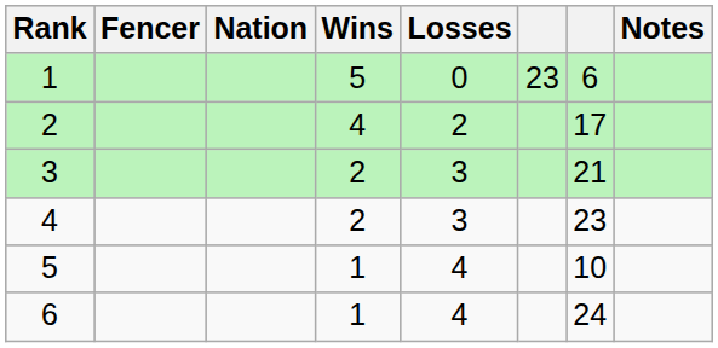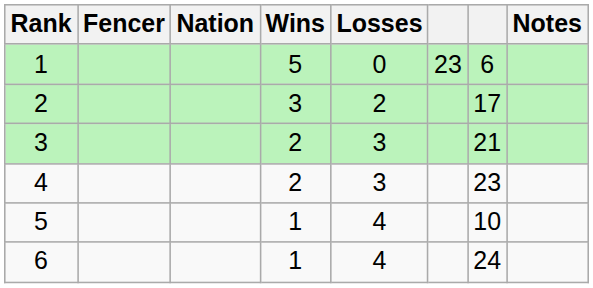 <table class="wikitable sortable" style="text-align: center;">
 <tr>
 <th>Rank</th>
 <th>Fencer</th>
 <th>Nation</th>
 <th>Wins</th>
 <th>Losses</th>
 <th></th>
 <th></th>
 <th>Notes</th>
 </tr>
 <tr style="background:#bbf3bb;">
 <td>1</td>
 <td align=left></td>
 <td align=left></td>
 <td>5</td>
 <td>0</td>
 <td>23</td>
 <td>6</td>
 <td></td>
 </tr>
 <tr style="background:#bbf3bb;">
 <td>2</td>
 <td align=left></td>
 <td align=left></td>
-<td>4</td>
+<td>3</td>
 <td>2</td>
 <td></td>
 <td>17</td>
 <td></td>
 </tr>
 <tr style="background:#bbf3bb;">
 <td>3</td>
 <td align=left></td>
 <td align=left></td>
 <td>2</td>
 <td>3</td>
 <td></td>
 <td>21</td>
 <td></td>
 </tr>
 <tr>
 <td>4</td>
 <td align=left></td>
 <td align=left></td>
 <td>2</td>
 <td>3</td>
 <td></td>
 <td>23</td>
 <td></td>
 </tr>
 <tr>
 <td>5</td>
 <td align=left></td>
 <td align=left></td>
 <td>1</td>
 <td>4</td>
 <td></td>
 <td>10</td>
 <td></td>
 </tr>
 <tr>
 <td>6</td>
 <td align=left></td>
 <td align=left></td>
 <td>1</td>
 <td>4</td>
 <td></td>
 <td>24</td>
 <td></td>
 </tr>
 </table>
